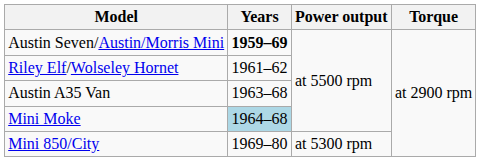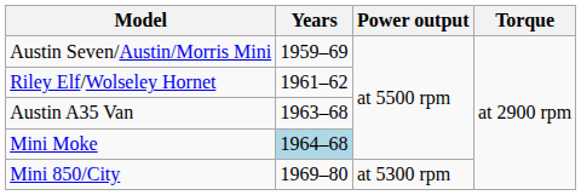 <table class="wikitable">
 <tr>
 </tr>
 <tr>
 <th>Model</th>
 <th>Years</th>
 <th>Power output</th>
 <th>Torque</th>
 </tr>
 <tr>
 <td>Austin Seven/<a href='#'>Austin/Morris Mini</a></td>
-<td><strong>1959–69</strong></td>
+<td>1959–69</td>
 <td rowspan="4"> at 5500 rpm</td>
 <td rowspan=5> at 2900 rpm</td>
 </tr>
 <tr>
 <td><a href='#'>Riley Elf</a>/<a href='#'>Wolseley Hornet</a></td>
 <td>1961–62</td>
 </tr>
 <tr>
 <td>Austin A35 Van</td>
 <td>1963–68</td>
 </tr>
 <tr>
 <td><a href='#'>Mini Moke</a></td>
 <td style="background: lightblue;">1964–68</td>
 </tr>
 <tr>
 <td><a href='#'>Mini 850/City</a></td>
 <td>1969–80</td>
 <td> at 5300 rpm</td>
 </tr>
 </table>
